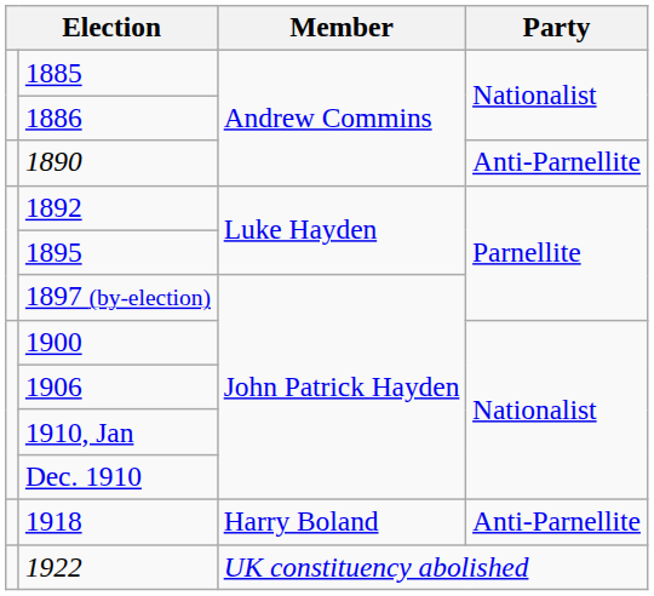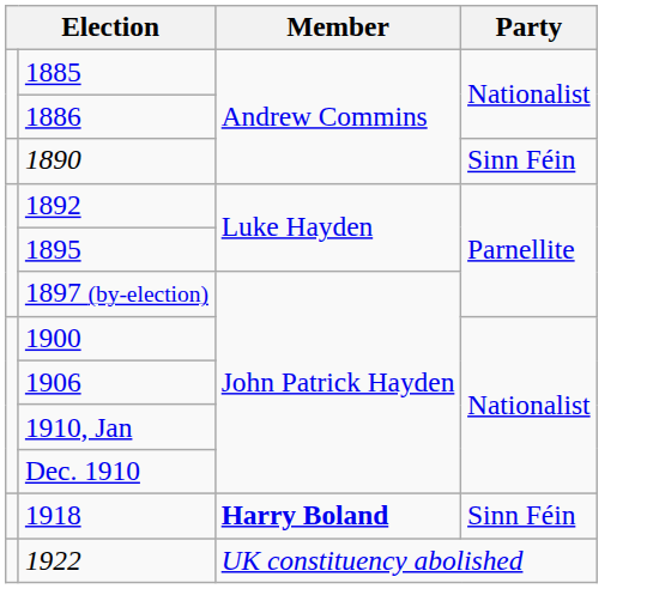 <table class="wikitable">
 <tr>
 <th colspan="2" scope="col">Election</th>
 <th scope="col">Member</th>
 <th scope="col">Party</th>
 </tr>
 <tr>
 <td rowspan="2" style="color:inherit;background-color: "></td>
 <td><a href='#'>1885</a></td>
 <td rowspan="3"><a href='#'>Andrew Commins</a></td>
 <td rowspan="2"><a href='#'>Nationalist</a></td>
 </tr>
 <tr>
 <td><a href='#'>1886</a></td>
 </tr>
 <tr>
 <td style="color:inherit;background-color: "></td>
 <td><em>1890</em></td>
-<td><a href='#'>Anti-Parnellite</a></td>
+<td><a href='#'>Sinn Féin</a></td>
 </tr>
 <tr>
 <td rowspan="3" style="color:inherit;background-color: "></td>
 <td><a href='#'>1892</a></td>
 <td rowspan="2"><a href='#'>Luke Hayden</a></td>
 <td rowspan="3"><a href='#'>Parnellite</a></td>
 </tr>
 <tr>
 <td><a href='#'>1895</a></td>
 </tr>
 <tr>
 <td><a href='#'>1897 <small>(by-election)</small></a></td>
 <td rowspan="5"><a href='#'>John Patrick Hayden</a></td>
 </tr>
 <tr>
 <td rowspan="4" style="color:inherit;background-color: "></td>
 <td><a href='#'>1900</a></td>
 <td rowspan="4"><a href='#'>Nationalist</a></td>
 </tr>
 <tr>
 <td><a href='#'>1906</a></td>
 </tr>
 <tr>
 <td><a href='#'>1910, Jan</a></td>
 </tr>
 <tr>
 <td><a href='#'>Dec. 1910</a></td>
 </tr>
 <tr>
 <td style="color:inherit;background-color: "></td>
 <td><a href='#'>1918</a></td>
-<td><a href='#'>Harry Boland</a></td>
-<td><a href='#'>Anti-Parnellite</a></td>
+<td><strong><a href='#'>Harry Boland</a></strong></td>
+<td><a href='#'>Sinn Féin</a></td>
 </tr>
 <tr>
 <td></td>
 <td><em>1922</em></td>
 <td colspan="3"><em><a href='#'>UK constituency abolished</a></em></td>
 </tr>
 </table>
